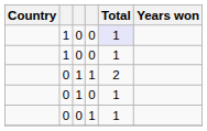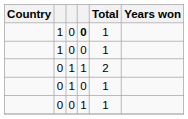 <table class="wikitable sortable" style="margin-top:0; font-size:90%;">
 <tr>
 <th>Country</th>
 <th></th>
 <th></th>
 <th></th>
 <th>Total</th>
 <th>Years won</th>
 </tr>
 <tr>
 <td></td>
 <td align=center>1</td>
 <td align=center>0</td>
-<td align=center>0</td>
-<td align=center style="background: lavender;">1</td>
+<td align=center><strong>0</strong></td>
+<td align=center>1</td>
 <td></td>
 </tr>
 <tr>
 <td></td>
 <td align=center>1</td>
 <td align=center>0</td>
 <td align=center>0</td>
 <td align=center>1</td>
 <td></td>
 </tr>
 <tr>
 <td></td>
 <td align=center>0</td>
 <td align=center>1</td>
 <td align=center>1</td>
 <td align=center>2</td>
 <td></td>
 </tr>
 <tr>
 <td></td>
 <td align=center>0</td>
 <td align=center>1</td>
 <td align=center>0</td>
 <td align=center>1</td>
 <td></td>
 </tr>
 <tr>
 <td></td>
 <td align=center>0</td>
 <td align=center>0</td>
 <td align=center>1</td>
 <td align=center>1</td>
 <td></td>
 </tr>
 <tr>
 </tr>
 </table>
